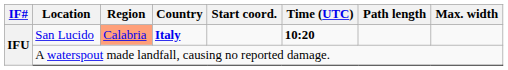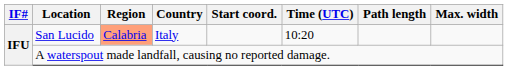 <table class="wikitable sortable" style="width:100%;">
 <tr>
 <th scope="col" width="2%" align="center"><a href='#'>IF#</a></th>
 <th scope="col" align="center" class="unsortable">Location</th>
 <th scope="col" align="center" class="unsortable">Region</th>
 <th scope="col" align="center">Country</th>
 <th scope="col" align="center">Start coord.</th>
 <th scope="col" align="center">Time (<a href='#'>UTC</a>)</th>
 <th scope="col" align="center">Path length</th>
 <th scope="col" align="center">Max. width</th>
 </tr>
 <tr>
 <th scope="row" rowspan="2" style="background-color:#">IFU</th>
 <td><a href='#'>San Lucido</a></td>
 <td style="background: lightsalmon;"><a href='#'>Calabria</a></td>
-<td><strong><a href='#'>Italy</a></strong></td>
+<td><a href='#'>Italy</a></td>
 <td></td>
-<td><strong>10:20</strong></td>
+<td>10:20</td>
 <td></td>
 <td></td>
 </tr>
 <tr class="expand-child">
 <td colspan="8" style=" border-bottom: 1px solid black;">A <a href='#'>waterspout</a> made landfall, causing no reported damage.</td>
 </tr>
 </table>
